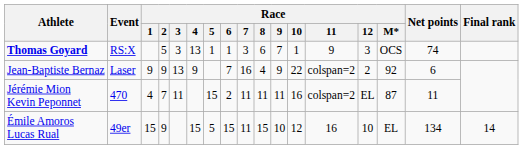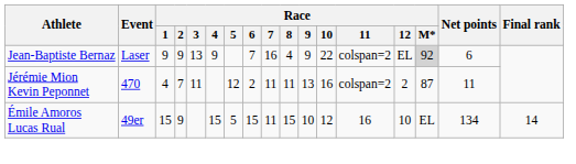 <table class="wikitable" style="font-size:90%">
 <tr>
 <th rowspan="2">Athlete</th>
 <th rowspan="2">Event</th>
 <th colspan=13>Race</th>
 <th rowspan=2>Net points</th>
 <th rowspan=2>Final rank</th>
 </tr>
 <tr style="font-size:95%">
 <th>1</th>
 <th>2</th>
 <th>3</th>
 <th>4</th>
 <th>5</th>
 <th>6</th>
 <th>7</th>
 <th>8</th>
 <th>9</th>
 <th>10</th>
 <th>11</th>
 <th>12</th>
 <th>M*</th>
 </tr>
 <tr align=center>
-<td align=left><strong><a href='#'>Thomas Goyard</a></strong></td>
-<td align=left><a href='#'>RS:X</a></td>
-<td></td>
-<td>5</td>
-<td>3</td>
-<td>13</td>
-<td>1</td>
-<td>1</td>
-<td>3</td>
-<td>6</td>
-<td>7</td>
-<td>1</td>
-<td>9</td>
-<td>3</td>
-<td>OCS</td>
-<td>74</td>
-<td></td>
-</tr>
-<tr align=center>
 <td align=left><a href='#'>Jean-Baptiste Bernaz</a></td>
 <td align=left><a href='#'>Laser</a></td>
 <td>9</td>
 <td>9</td>
 <td>13</td>
 <td>9</td>
 <td></td>
 <td>7</td>
 <td>16</td>
 <td>4</td>
 <td>9</td>
 <td>22</td>
 <td>colspan=2 </td>
-<td>2</td>
-<td>92</td>
+<td>EL</td>
+<td style="background: lightgrey;">92</td>
 <td>6</td>
 </tr>
 <tr align=center>
 <td align=left><a href='#'>Jérémie Mion</a><br><a href='#'>Kevin Peponnet</a></td>
 <td align=left><a href='#'>470</a></td>
 <td>4</td>
 <td>7</td>
 <td>11</td>
 <td></td>
-<td>15</td>
+<td>12</td>
 <td>2</td>
 <td>11</td>
 <td>11</td>
-<td>11</td>
+<td>13</td>
 <td>16</td>
 <td>colspan=2 </td>
-<td>EL</td>
+<td>2</td>
 <td>87</td>
 <td>11</td>
 </tr>
 <tr align=center>
 <td align=left><a href='#'>Émile Amoros</a><br><a href='#'>Lucas Rual</a></td>
 <td align=left><a href='#'>49er</a></td>
 <td>15</td>
 <td>9</td>
 <td></td>
 <td>15</td>
 <td>5</td>
 <td>15</td>
 <td>11</td>
 <td>15</td>
 <td>10</td>
 <td>12</td>
 <td>16</td>
 <td>10</td>
 <td>EL</td>
 <td>134</td>
 <td>14</td>
 </tr>
 </table>
